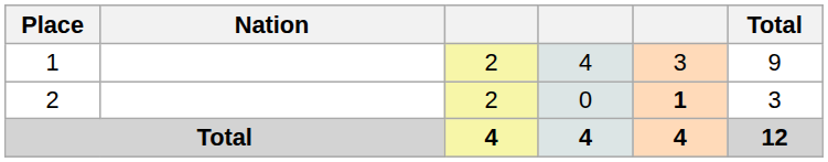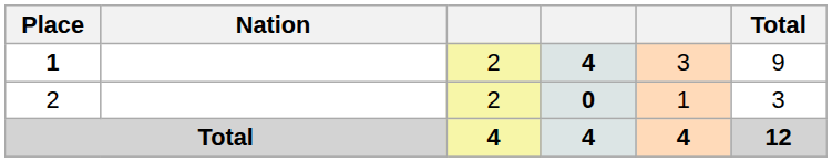 <table class="wikitable" style="border:1px solid #aaa; font-size:90%;">
 <tr style="background:#efefef;">
 <th width=50>Place</th>
 <th width=200>Nation</th>
 <th width=50></th>
 <th width=50></th>
 <th width=50></th>
 <th width=50>Total</th>
 </tr>
 <tr style="vertical-align:top; text-align:center; background:#fff;">
-<td>1</td>
+<td><strong>1</strong></td>
 <td style="text-align:left;"></td>
 <td style="background:#F7F6A8;">2</td>
-<td style="background:#DCE5E5;">4</td>
+<td style="background:#DCE5E5;"><strong>4</strong></td>
 <td style="background:#FFDAB9;">3</td>
 <td>9</td>
 </tr>
 <tr style="vertical-align:top; text-align:center; background:#fff;">
 <td>2</td>
 <td style="text-align:left;"></td>
 <td style="background:#F7F6A8;">2</td>
-<td style="background:#DCE5E5;">0</td>
-<td style="background:#FFDAB9;"><strong>1</strong></td>
+<td style="background:#DCE5E5;"><strong>0</strong></td>
+<td style="background:#FFDAB9;">1</td>
 <td>3</td>
 </tr>
 <tr style="text-align:center;">
 <td colspan="2" style="background:#d3d3d3;"><strong>Total</strong></td>
 <td style="background:#F7F6A8;"><strong>4</strong></td>
 <td style="background:#DCE5E5;"><strong>4</strong></td>
 <td style="background:#FFDAB9;"><strong>4</strong></td>
 <td style="background:#d3d3d3;"><strong>12</strong></td>
 </tr>
 </table>
